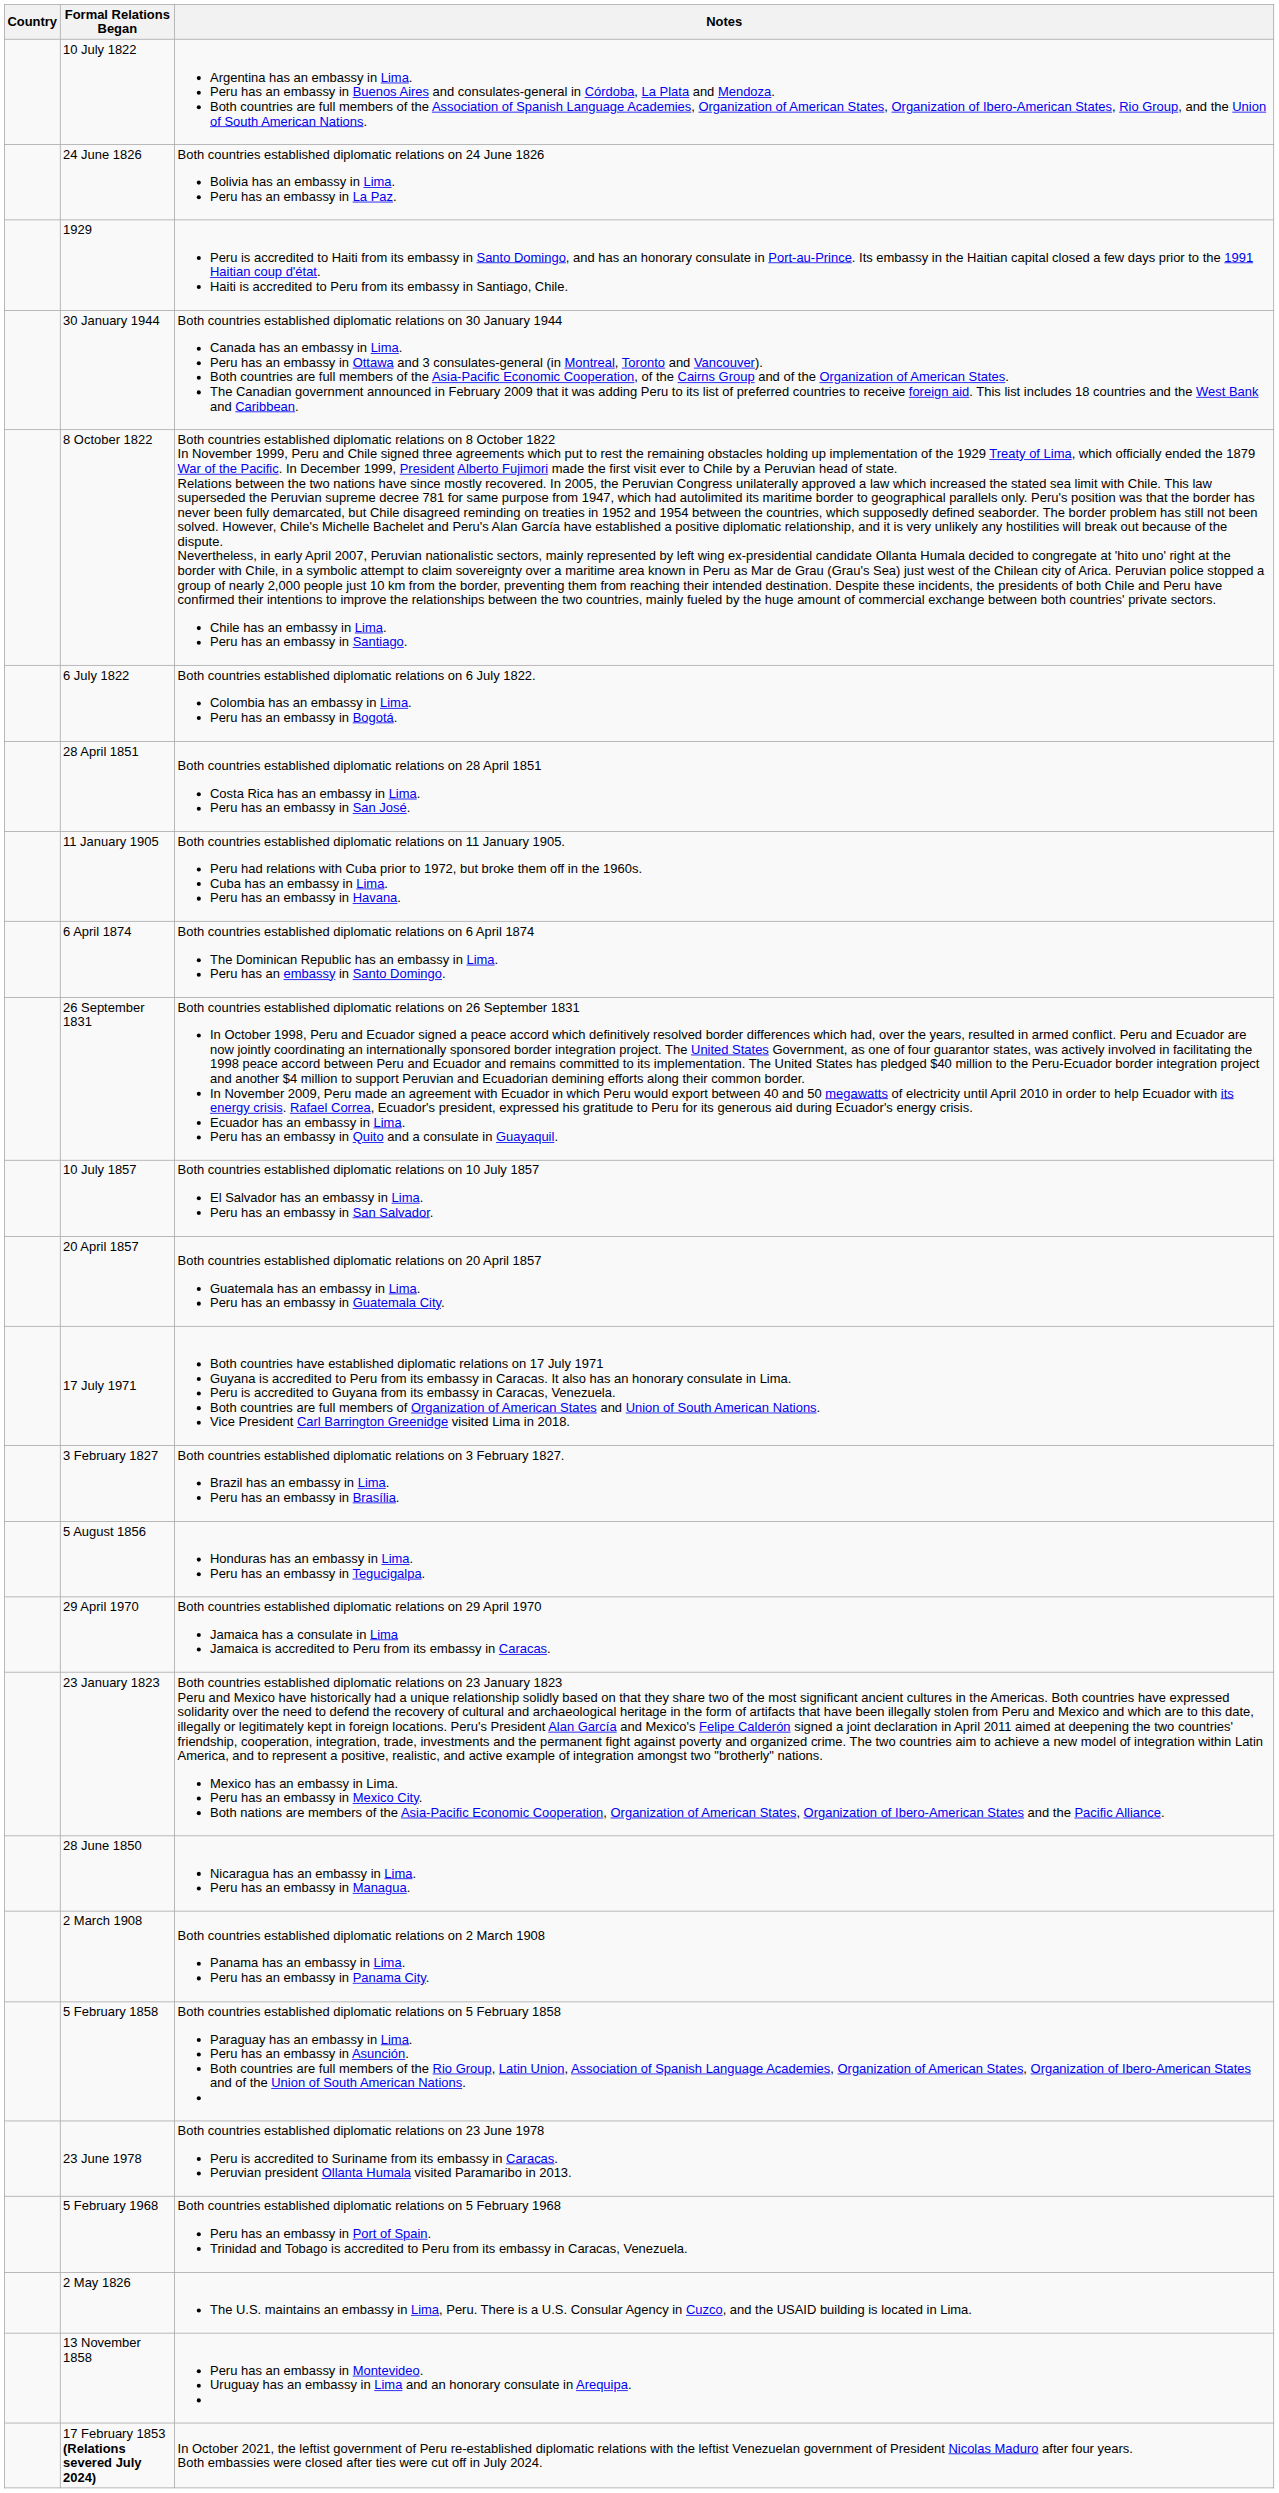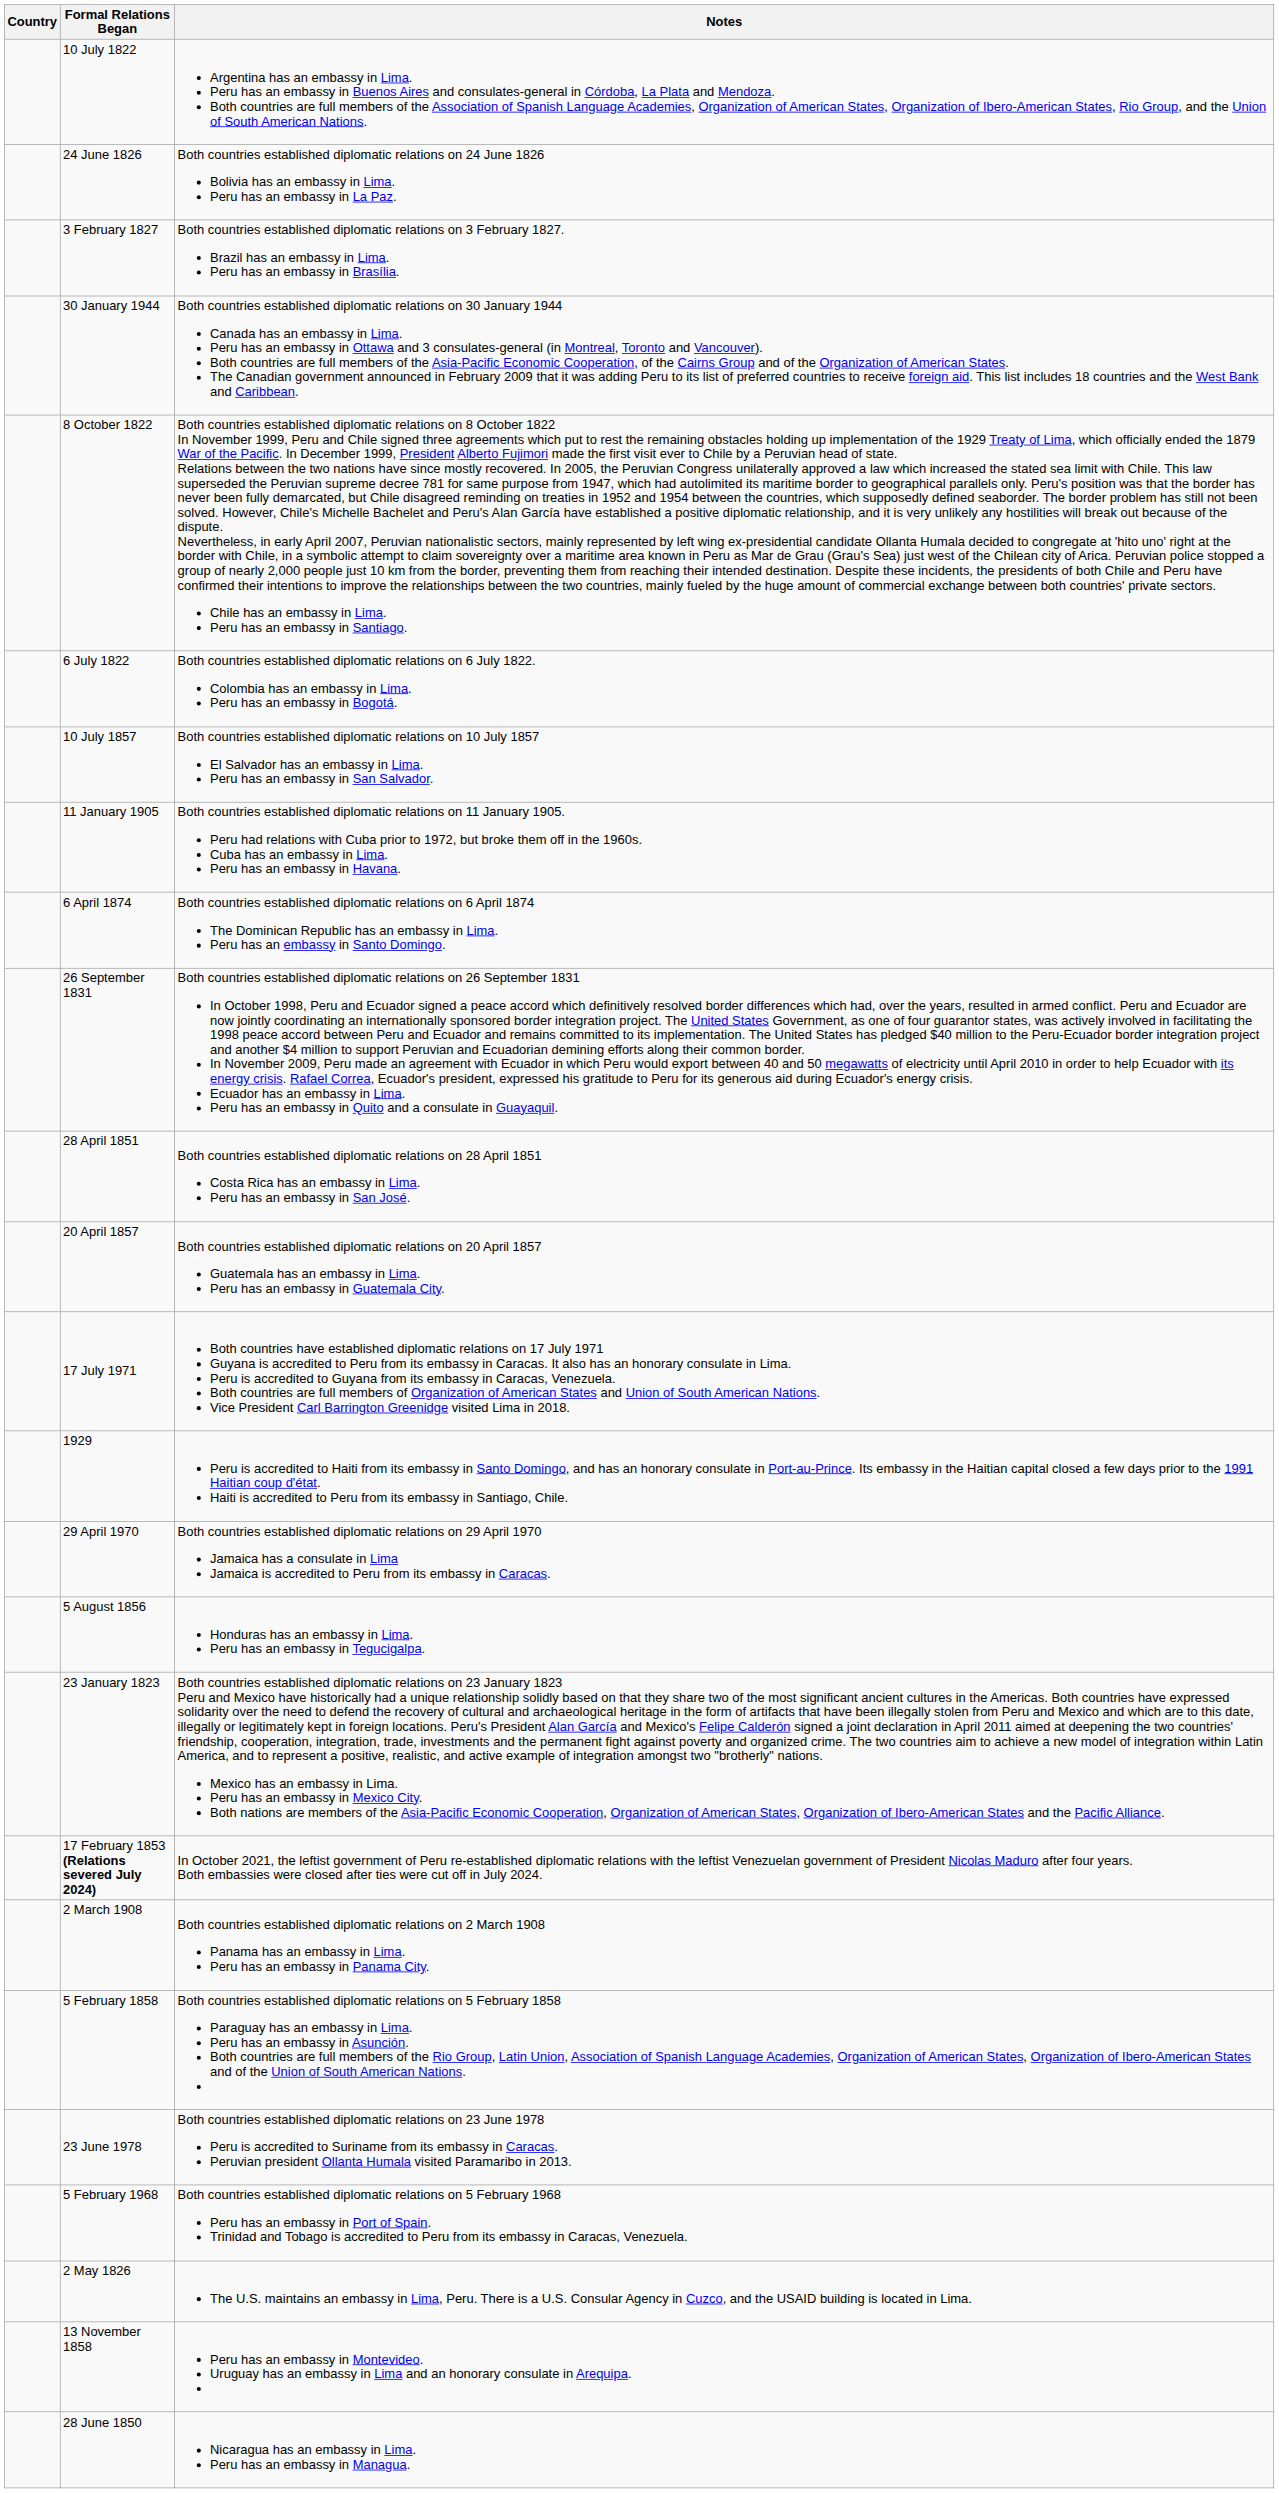 <table class="wikitable sortable">
 <tr>
 <th>Country</th>
 <th>Formal Relations Began</th>
 <th>Notes</th>
 </tr>
 <tr valign="top">
 <td></td>
 <td>10 July 1822</td>
 <td><br><ul><li>Argentina has an embassy in <a href='#'>Lima</a>.</li><li>Peru has an embassy in <a href='#'>Buenos Aires</a> and consulates-general in <a href='#'>Córdoba</a>, <a href='#'>La Plata</a> and <a href='#'>Mendoza</a>.</li><li>Both countries are full members of the <a href='#'>Association of Spanish Language Academies</a>, <a href='#'>Organization of American States</a>, <a href='#'>Organization of Ibero-American States</a>, <a href='#'>Rio Group</a>, and the <a href='#'>Union of South American Nations</a>.</li></ul></td>
 </tr>
 <tr valign="top">
 <td></td>
 <td>24 June 1826</td>
 <td>Both countries established diplomatic relations on 24 June 1826<br><ul><li>Bolivia has an embassy in <a href='#'>Lima</a>.</li><li>Peru has an embassy in <a href='#'>La Paz</a>.</li></ul></td>
 </tr>
 <tr valign="top">
 <td></td>
-<td>1929</td>
-<td><br><ul><li>Peru is accredited to Haiti from its embassy in <a href='#'>Santo Domingo</a>, and has an honorary consulate in <a href='#'>Port-au-Prince</a>. Its embassy in the Haitian capital closed a few days prior to the <a href='#'>1991 Haitian coup d'état</a>.</li><li>Haiti is accredited to Peru from its embassy in Santiago, Chile.</li></ul></td>
+<td>3 February 1827</td>
+<td>Both countries established diplomatic relations on 3 February 1827.<br><ul><li>Brazil has an embassy in <a href='#'>Lima</a>.</li><li>Peru has an embassy in <a href='#'>Brasília</a>.</li></ul></td>
 </tr>
 <tr valign="top">
 <td></td>
 <td>30 January 1944</td>
 <td>Both countries established diplomatic relations on 30 January 1944<br><ul><li>Canada has an embassy in <a href='#'>Lima</a>.</li><li>Peru has an embassy in <a href='#'>Ottawa</a> and 3 consulates-general (in <a href='#'>Montreal</a>, <a href='#'>Toronto</a> and <a href='#'>Vancouver</a>).</li><li>Both countries are full members of the <a href='#'>Asia-Pacific Economic Cooperation</a>, of the <a href='#'>Cairns Group</a> and of the <a href='#'>Organization of American States</a>.</li><li>The Canadian government announced in February 2009 that it was adding Peru to its list of preferred countries to receive <a href='#'>foreign aid</a>. This list includes 18 countries and the <a href='#'>West Bank</a> and <a href='#'>Caribbean</a>.</li></ul></td>
 </tr>
 <tr valign="top">
 <td></td>
 <td>8 October 1822</td>
 <td>Both countries established diplomatic relations on 8 October 1822<br>In November 1999, Peru and Chile signed three agreements which put to rest the remaining obstacles holding up implementation of the 1929 <a href='#'>Treaty of Lima</a>, which officially ended the 1879 <a href='#'>War of the Pacific</a>. In December 1999, <a href='#'>President</a> <a href='#'>Alberto Fujimori</a> made the first visit ever to Chile by a Peruvian head of state.<br>Relations between the two nations have since mostly recovered. In 2005, the Peruvian Congress unilaterally approved a law which increased the stated sea limit with Chile. This law superseded the Peruvian supreme decree 781 for same purpose from 1947, which had autolimited its maritime border to geographical parallels only. Peru's position was that the border has never been fully demarcated, but Chile disagreed reminding on treaties in 1952 and 1954 between the countries, which supposedly defined seaborder. The border problem has still not been solved. However, Chile's Michelle Bachelet and Peru's Alan García have established a positive diplomatic relationship, and it is very unlikely any hostilities will break out because of the dispute.<br>Nevertheless, in early April 2007, Peruvian nationalistic sectors, mainly represented by left wing ex-presidential candidate Ollanta Humala decided to congregate at 'hito uno' right at the border with Chile, in a symbolic attempt to claim sovereignty over a maritime area known in Peru as Mar de Grau (Grau's Sea) just west of the Chilean city of Arica. Peruvian police stopped a group of nearly 2,000 people just 10 km from the border, preventing them from reaching their intended destination. Despite these incidents, the presidents of both Chile and Peru have confirmed their intentions to improve the relationships between the two countries, mainly fueled by the huge amount of commercial exchange between both countries' private sectors.<ul><li>Chile has an embassy in <a href='#'>Lima</a>.</li><li>Peru has an embassy in <a href='#'>Santiago</a>.</li></ul></td>
 </tr>
 <tr valign="top">
 <td></td>
 <td>6 July 1822</td>
 <td>Both countries established diplomatic relations on 6 July 1822.<br><ul><li>Colombia has an embassy in <a href='#'>Lima</a>.</li><li>Peru has an embassy in <a href='#'>Bogotá</a>.</li></ul></td>
 </tr>
 <tr valign="top">
 <td></td>
-<td>28 April 1851</td>
-<td><br>Both countries established diplomatic relations on 28 April 1851<ul><li>Costa Rica has an embassy in <a href='#'>Lima</a>.</li><li>Peru has an embassy in <a href='#'>San José</a>.</li></ul></td>
+<td>10 July 1857</td>
+<td>Both countries established diplomatic relations on 10 July 1857<br><ul><li>El Salvador has an embassy in <a href='#'>Lima</a>.</li><li>Peru has an embassy in <a href='#'>San Salvador</a>.</li></ul></td>
 </tr>
 <tr valign="top">
 <td></td>
 <td>11 January 1905</td>
 <td>Both countries established diplomatic relations on 11 January 1905.<br><ul><li>Peru had relations with Cuba prior to 1972, but broke them off in the 1960s.</li><li>Cuba has an embassy in <a href='#'>Lima</a>.</li><li>Peru has an embassy in <a href='#'>Havana</a>.</li></ul></td>
 </tr>
 <tr valign="top">
 <td></td>
 <td>6 April 1874</td>
 <td>Both countries established diplomatic relations on 6 April 1874<br><ul><li>The Dominican Republic has an embassy in <a href='#'>Lima</a>.</li><li>Peru has an <a href='#'>embassy</a> in <a href='#'>Santo Domingo</a>.</li></ul></td>
 </tr>
 <tr valign="top">
 <td></td>
 <td>26 September 1831</td>
 <td>Both countries established diplomatic relations on 26 September 1831<br><ul><li>In October 1998, Peru and Ecuador signed a peace accord which definitively resolved border differences which had, over the years, resulted in armed conflict. Peru and Ecuador are now jointly coordinating an internationally sponsored border integration project. The <a href='#'>United States</a> Government, as one of four guarantor states, was actively involved in facilitating the 1998 peace accord between Peru and Ecuador and remains committed to its implementation. The United States has pledged $40 million to the Peru-Ecuador border integration project and another $4 million to support Peruvian and Ecuadorian demining efforts along their common border.</li><li>In November 2009, Peru made an agreement with Ecuador in which Peru would export between 40 and 50 <a href='#'>megawatts</a> of electricity until April 2010 in order to help Ecuador with <a href='#'>its energy crisis</a>. <a href='#'>Rafael Correa</a>, Ecuador's president, expressed his gratitude to Peru for its generous aid during Ecuador's energy crisis.</li><li>Ecuador has an embassy in <a href='#'>Lima</a>.</li><li>Peru has an embassy in <a href='#'>Quito</a> and a consulate in <a href='#'>Guayaquil</a>.</li></ul></td>
 </tr>
 <tr valign="top">
 <td></td>
-<td>10 July 1857</td>
-<td>Both countries established diplomatic relations on 10 July 1857<br><ul><li>El Salvador has an embassy in <a href='#'>Lima</a>.</li><li>Peru has an embassy in <a href='#'>San Salvador</a>.</li></ul></td>
+<td>28 April 1851</td>
+<td><br>Both countries established diplomatic relations on 28 April 1851<ul><li>Costa Rica has an embassy in <a href='#'>Lima</a>.</li><li>Peru has an embassy in <a href='#'>San José</a>.</li></ul></td>
 </tr>
 <tr valign="top">
 <td></td>
 <td>20 April 1857</td>
 <td><br>Both countries established diplomatic relations on 20 April 1857<ul><li>Guatemala has an embassy in <a href='#'>Lima</a>.</li><li>Peru has an embassy in <a href='#'>Guatemala City</a>.</li></ul></td>
 </tr>
 <tr id="Guyana">
 <td></td>
 <td>17 July 1971</td>
 <td><br><ul><li>Both countries have established diplomatic relations on 17 July 1971</li><li>Guyana is accredited to Peru from its embassy in Caracas. It also has an honorary consulate in Lima.</li><li>Peru is accredited to Guyana from its embassy in Caracas, Venezuela.</li><li>Both countries are full members of <a href='#'>Organization of American States</a> and <a href='#'>Union of South American Nations</a>.</li><li>Vice President <a href='#'>Carl Barrington Greenidge</a> visited Lima in 2018.</li></ul></td>
 </tr>
 <tr valign="top">
 <td></td>
-<td>3 February 1827</td>
-<td>Both countries established diplomatic relations on 3 February 1827.<br><ul><li>Brazil has an embassy in <a href='#'>Lima</a>.</li><li>Peru has an embassy in <a href='#'>Brasília</a>.</li></ul></td>
+<td>1929</td>
+<td><br><ul><li>Peru is accredited to Haiti from its embassy in <a href='#'>Santo Domingo</a>, and has an honorary consulate in <a href='#'>Port-au-Prince</a>. Its embassy in the Haitian capital closed a few days prior to the <a href='#'>1991 Haitian coup d'état</a>.</li><li>Haiti is accredited to Peru from its embassy in Santiago, Chile.</li></ul></td>
+</tr>
+<tr valign="top">
+<td></td>
+<td>29 April 1970</td>
+<td>Both countries established diplomatic relations on 29 April 1970<br><ul><li>Jamaica has a consulate in <a href='#'>Lima</a></li><li>Jamaica is accredited to Peru from its embassy in <a href='#'>Caracas</a>.</li></ul></td>
 </tr>
 <tr valign="top">
 <td></td>
 <td>5 August 1856</td>
 <td><br><ul><li>Honduras has an embassy in <a href='#'>Lima</a>.</li><li>Peru has an embassy in <a href='#'>Tegucigalpa</a>.</li></ul></td>
 </tr>
 <tr valign="top">
 <td></td>
-<td>29 April 1970</td>
-<td>Both countries established diplomatic relations on 29 April 1970<br><ul><li>Jamaica has a consulate in <a href='#'>Lima</a></li><li>Jamaica is accredited to Peru from its embassy in <a href='#'>Caracas</a>.</li></ul></td>
-</tr>
-<tr valign="top">
-<td></td>
 <td>23 January 1823</td>
 <td>Both countries established diplomatic relations on 23 January 1823<br>Peru and Mexico have historically had a unique relationship solidly based on that they share two of the most significant ancient cultures in the Americas. Both countries have expressed solidarity over the need to defend the recovery of cultural and archaeological heritage in the form of artifacts that have been illegally stolen from Peru and Mexico and which are to this date, illegally or legitimately kept in foreign locations. Peru's President <a href='#'>Alan García</a> and Mexico's <a href='#'>Felipe Calderón</a> signed a joint declaration in April 2011 aimed at deepening the two countries' friendship, cooperation, integration, trade, investments and the permanent fight against poverty and organized crime. The two countries aim to achieve a new model of integration within Latin America, and to represent a positive, realistic, and active example of integration amongst two "brotherly" nations.<ul><li>Mexico has an embassy in Lima.</li><li>Peru has an embassy in <a href='#'>Mexico City</a>.</li><li>Both nations are members of the <a href='#'>Asia-Pacific Economic Cooperation</a>, <a href='#'>Organization of American States</a>, <a href='#'>Organization of Ibero-American States</a> and the <a href='#'>Pacific Alliance</a>.</li></ul></td>
 </tr>
 <tr valign="top">
 <td></td>
-<td>28 June 1850</td>
-<td><br><ul><li>Nicaragua has an embassy in <a href='#'>Lima</a>.</li><li>Peru has an embassy in <a href='#'>Managua</a>.</li></ul></td>
+<td>17 February 1853 <strong>(Relations severed July 2024)</strong></td>
+<td><br>In October 2021, the leftist government of Peru re-established diplomatic relations with the leftist Venezuelan government of President <a href='#'>Nicolas Maduro</a> after four years.<br>Both embassies were closed after ties were cut off in July 2024.</td>
 </tr>
 <tr valign="top">
 <td></td>
 <td>2 March 1908</td>
 <td><br>Both countries established diplomatic relations on 2 March 1908<ul><li>Panama has an embassy in <a href='#'>Lima</a>.</li><li>Peru has an embassy in <a href='#'>Panama City</a>.</li></ul></td>
 </tr>
 <tr valign="top">
 <td></td>
 <td>5 February 1858</td>
 <td>Both countries established diplomatic relations on 5 February 1858<br><ul><li>Paraguay has an embassy in <a href='#'>Lima</a>.</li><li>Peru has an embassy in <a href='#'>Asunción</a>.</li><li>Both countries are full members of the <a href='#'>Rio Group</a>, <a href='#'>Latin Union</a>, <a href='#'>Association of Spanish Language Academies</a>, <a href='#'>Organization of American States</a>, <a href='#'>Organization of Ibero-American States</a> and of the <a href='#'>Union of South American Nations</a>.</li><li></li></ul></td>
 </tr>
 <tr id="Suriname">
 <td></td>
 <td>23 June 1978</td>
 <td>Both countries established diplomatic relations on 23 June 1978<br><ul><li>Peru is accredited to Suriname from its embassy in <a href='#'>Caracas</a>.</li><li>Peruvian president <a href='#'>Ollanta Humala</a> visited Paramaribo in 2013.</li></ul></td>
 </tr>
 <tr valign="top">
 <td></td>
 <td>5 February 1968</td>
 <td>Both countries established diplomatic relations on 5 February 1968<br><ul><li>Peru has an embassy in <a href='#'>Port of Spain</a>.</li><li>Trinidad and Tobago is accredited to Peru from its embassy in Caracas, Venezuela.</li></ul></td>
 </tr>
 <tr valign="top">
 <td></td>
 <td>2 May 1826</td>
 <td><br><ul><li>The U.S. maintains an embassy in <a href='#'>Lima</a>, Peru. There is a U.S. Consular Agency in <a href='#'>Cuzco</a>, and the USAID building is located in Lima.</li></ul></td>
 </tr>
 <tr valign="top">
 <td></td>
 <td>13 November 1858</td>
 <td><br><ul><li>Peru has an embassy in <a href='#'>Montevideo</a>.</li><li>Uruguay has an embassy in <a href='#'>Lima</a> and an honorary consulate in <a href='#'>Arequipa</a>.</li><li></li></ul></td>
 </tr>
 <tr valign="top">
 <td></td>
-<td>17 February 1853 <strong>(Relations severed July 2024)</strong></td>
-<td><br>In October 2021, the leftist government of Peru re-established diplomatic relations with the leftist Venezuelan government of President <a href='#'>Nicolas Maduro</a> after four years.<br>Both embassies were closed after ties were cut off in July 2024.</td>
+<td>28 June 1850</td>
+<td><br><ul><li>Nicaragua has an embassy in <a href='#'>Lima</a>.</li><li>Peru has an embassy in <a href='#'>Managua</a>.</li></ul></td>
 </tr>
 </table>
